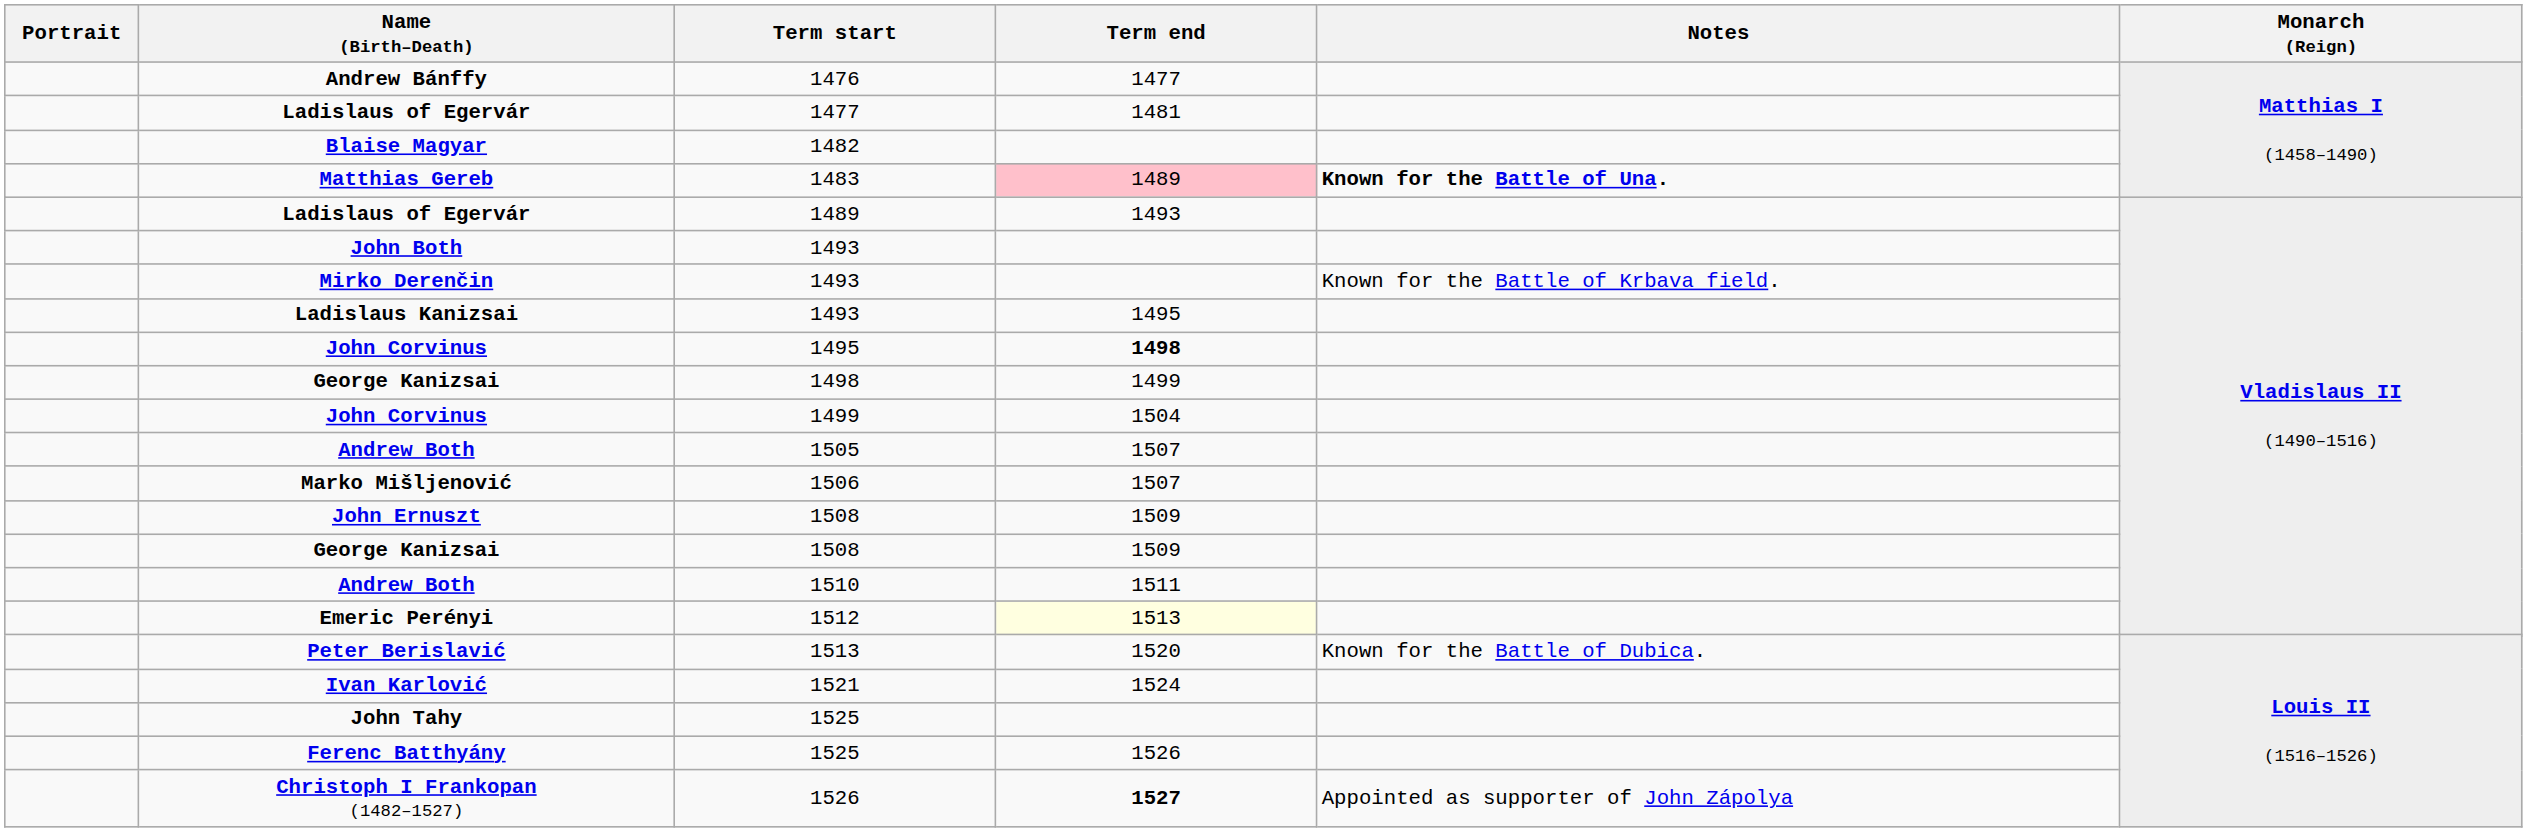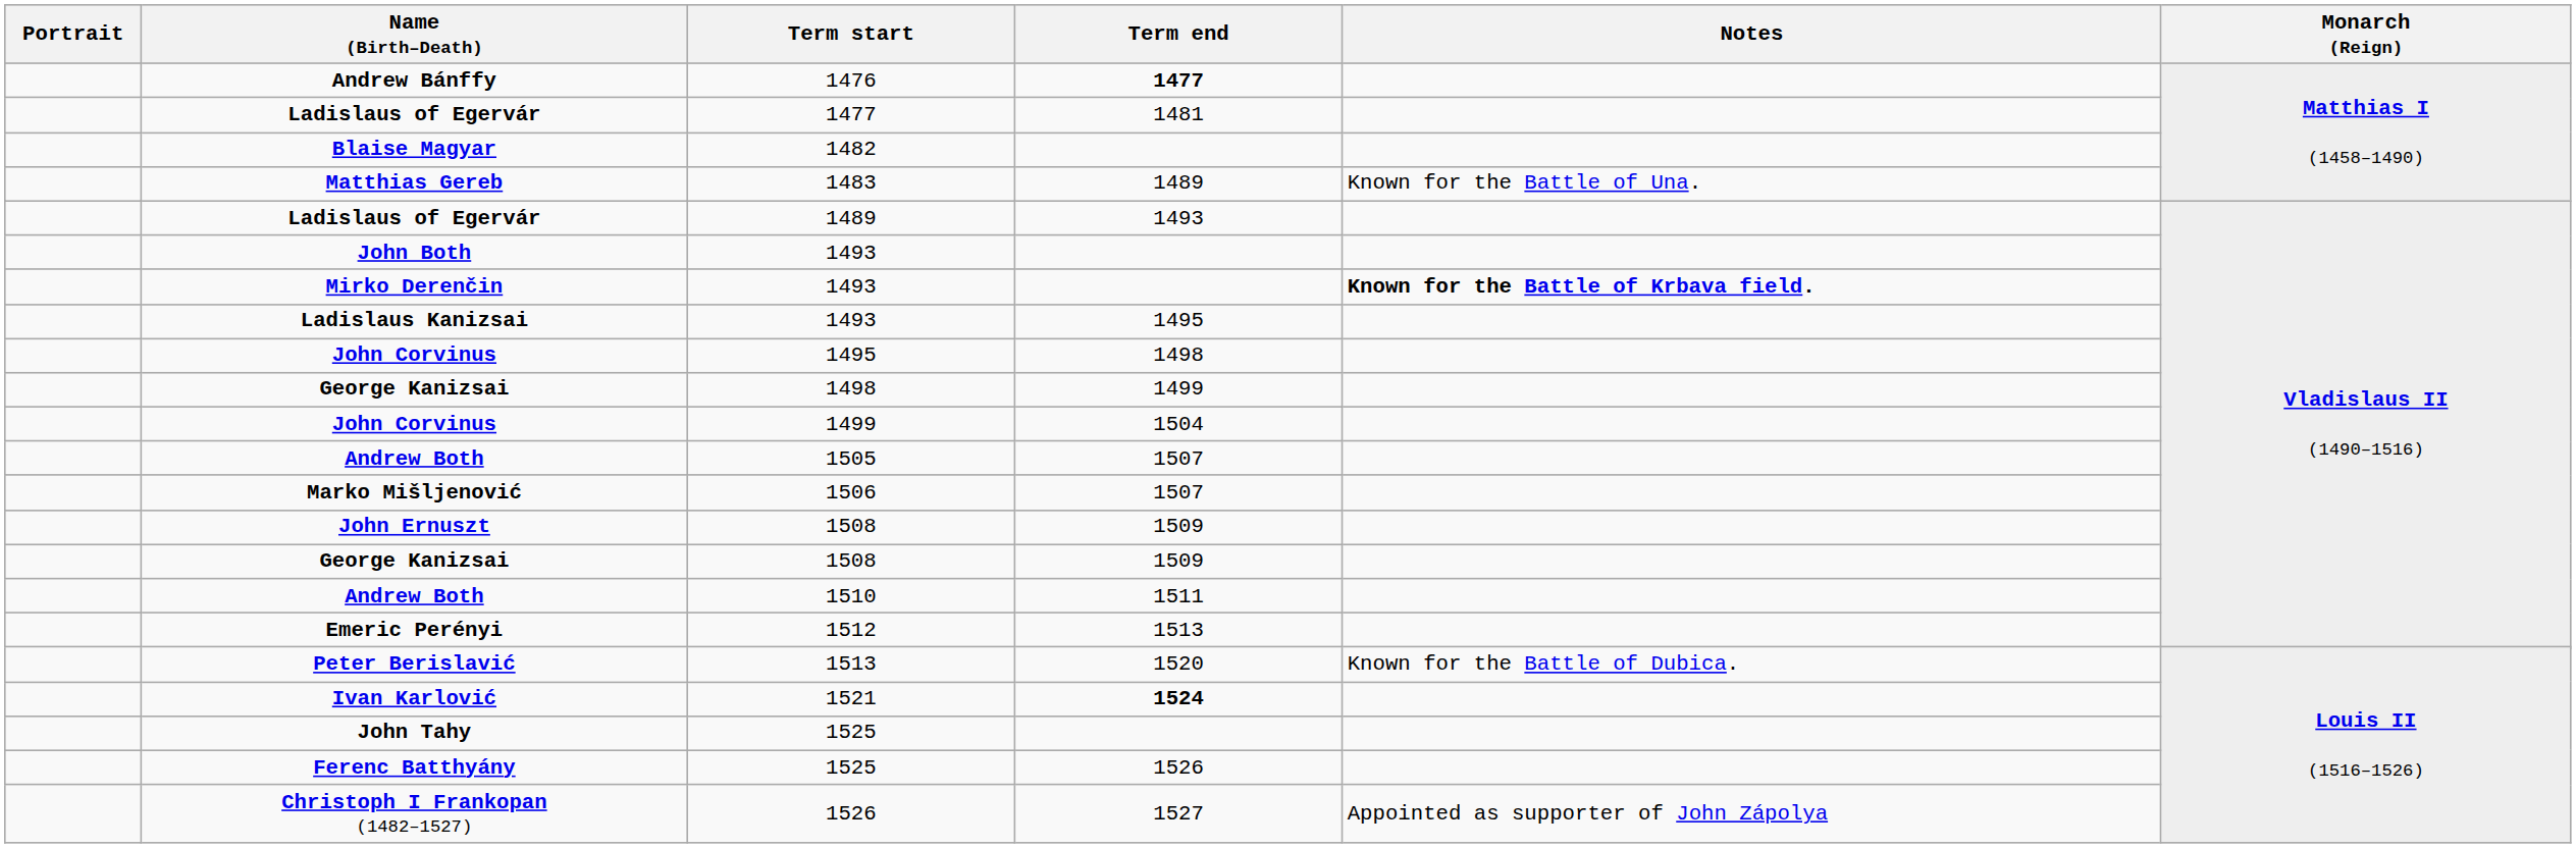 <table class="wikitable" style="text-align:center" width=100%>
 <tr>
 <th width=5%>Portrait</th>
 <th width=20%>Name<small><br>(Birth–Death)</small></th>
 <th width=12%>Term start</th>
 <th width=12%>Term end</th>
 <th width=30%>Notes</th>
 <th width=15%>Monarch<br><small>(Reign)</small></th>
 </tr>
 <tr>
 <td></td>
 <td><strong>Andrew Bánffy</strong></td>
 <td>1476</td>
-<td>1477</td>
+<td><strong>1477</strong></td>
 <td></td>
 <td rowspan="5" bgcolor=#EEEEEE><strong><a href='#'>Matthias I</a></strong><br><br><small>(1458–1490)</small></td>
 </tr>
 <tr>
 <td></td>
 <td><strong>Ladislaus of Egervár</strong></td>
 <td>1477</td>
 <td>1481</td>
 <td></td>
 </tr>
 <tr>
 <td></td>
 <td><strong><a href='#'>Blaise Magyar</a></strong></td>
 <td>1482</td>
 <td></td>
 <td></td>
 </tr>
 <tr>
 <td></td>
 <td><a href='#'><strong>Matthias Gereb</strong></a></td>
 <td>1483</td>
-<td style="background: pink;">1489</td>
-<td align="left"><strong>Known for the <a href='#'>Battle of Una</a>.</strong></td>
+<td>1489</td>
+<td align="left">Known for the <a href='#'>Battle of Una</a>.</td>
 </tr>
 <tr>
 <td rowspan="2"></td>
 <td rowspan="2"><strong>Ladislaus of Egervár</strong></td>
 <td rowspan="2">1489</td>
 <td rowspan="2">1493</td>
 <td rowspan="2"></td>
 </tr>
 <tr>
 <td rowspan="14" bgcolor=#EEEEEE><strong><a href='#'>Vladislaus II</a></strong><br><br><small>(1490–1516)</small></td>
 </tr>
 <tr>
 <td></td>
 <td><a href='#'><strong>John Both</strong></a></td>
 <td>1493</td>
 <td></td>
 <td></td>
 </tr>
 <tr>
 <td></td>
 <td><a href='#'><strong>Mirko Derenčin</strong></a></td>
 <td>1493</td>
 <td></td>
-<td align="left">Known for the <a href='#'>Battle of Krbava field</a>.</td>
+<td align="left"><strong>Known for the <a href='#'>Battle of Krbava field</a>.</strong></td>
 </tr>
 <tr>
 <td></td>
 <td><strong>Ladislaus Kanizsai</strong></td>
 <td>1493</td>
 <td>1495</td>
 <td></td>
 </tr>
 <tr>
 <td></td>
 <td><strong><a href='#'>John Corvinus</a></strong></td>
 <td>1495</td>
-<td><strong>1498</strong></td>
+<td>1498</td>
 <td></td>
 </tr>
 <tr>
 <td></td>
 <td><strong>George Kanizsai</strong></td>
 <td>1498</td>
 <td>1499</td>
 <td></td>
 </tr>
 <tr>
 <td></td>
 <td><strong><a href='#'>John Corvinus</a></strong></td>
 <td>1499</td>
 <td>1504</td>
 <td></td>
 </tr>
 <tr>
 <td></td>
 <td><strong><a href='#'>Andrew Both</a></strong></td>
 <td>1505</td>
 <td>1507</td>
 <td></td>
 </tr>
 <tr>
 <td></td>
 <td><strong>Marko Mišljenović</strong></td>
 <td>1506</td>
 <td>1507</td>
 <td></td>
 </tr>
 <tr>
 <td></td>
 <td><a href='#'><strong>John Ernuszt</strong></a></td>
 <td>1508</td>
 <td>1509</td>
 <td></td>
 </tr>
 <tr>
 <td></td>
 <td><strong>George Kanizsai</strong></td>
 <td>1508</td>
 <td>1509</td>
 <td></td>
 </tr>
 <tr>
 <td></td>
 <td><strong><a href='#'>Andrew Both</a></strong></td>
 <td>1510</td>
 <td>1511</td>
 <td></td>
 </tr>
 <tr>
 <td></td>
 <td><strong>Emeric Perényi</strong></td>
 <td>1512</td>
-<td style="background: lightyellow;">1513</td>
+<td>1513</td>
 <td></td>
 </tr>
 <tr>
 <td rowspan="2"></td>
 <td rowspan="2"><a href='#'><strong>Peter Berislavić</strong></a></td>
 <td rowspan="2">1513</td>
 <td rowspan="2">1520</td>
 <td rowspan="2" align="left">Known for the <a href='#'>Battle of Dubica</a>.</td>
 </tr>
 <tr>
 <td rowspan="5" bgcolor="#EEEEEE"><strong><a href='#'>Louis II</a></strong><br><br><small>(1516–1526)</small></td>
 </tr>
 <tr>
 <td></td>
 <td><strong><a href='#'>Ivan Karlović</a></strong></td>
 <td>1521</td>
-<td>1524</td>
+<td><strong>1524</strong></td>
 <td></td>
 </tr>
 <tr>
 <td></td>
 <td><strong>John Tahy</strong></td>
 <td>1525</td>
 <td></td>
 <td></td>
 </tr>
 <tr>
 <td></td>
 <td><strong><a href='#'>Ferenc Batthyány</a></strong></td>
 <td>1525</td>
 <td>1526</td>
 <td></td>
 </tr>
 <tr>
 <td></td>
 <td><a href='#'><strong>Christoph I Frankopan</strong></a><br><small>(1482–1527)</small></td>
 <td>1526</td>
-<td><strong>1527</strong></td>
+<td>1527</td>
 <td align="left">Appointed as supporter of <a href='#'>John Zápolya</a></td>
 </tr>
 </table>
